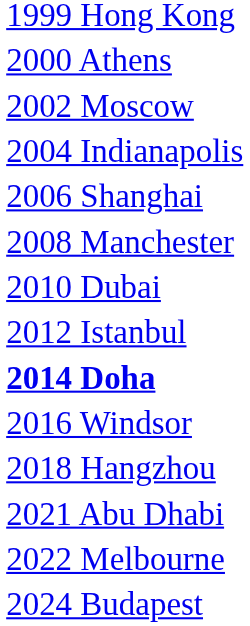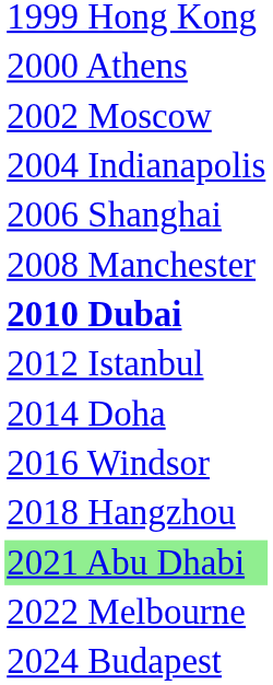 <table>
 <tr>
 <td><a href='#'>1999 Hong Kong</a></td>
 <td></td>
 <td></td>
 <td></td>
 </tr>
 <tr>
 <td><a href='#'>2000 Athens</a></td>
 <td></td>
 <td></td>
 <td></td>
 </tr>
 <tr>
 <td><a href='#'>2002 Moscow</a></td>
 <td></td>
 <td></td>
 <td></td>
 </tr>
 <tr>
 <td><a href='#'>2004 Indianapolis</a></td>
 <td></td>
 <td></td>
 <td></td>
 </tr>
 <tr>
 <td><a href='#'>2006 Shanghai</a></td>
 <td></td>
 <td></td>
 <td></td>
 </tr>
 <tr>
 <td><a href='#'>2008 Manchester</a></td>
 <td></td>
 <td></td>
 <td></td>
 </tr>
 <tr>
-<td><a href='#'>2010 Dubai</a></td>
+<td><strong><a href='#'>2010 Dubai</a></strong></td>
 <td></td>
 <td></td>
 <td></td>
 </tr>
 <tr>
 <td><a href='#'>2012 Istanbul</a></td>
 <td></td>
 <td></td>
 <td></td>
 </tr>
 <tr>
-<td><strong><a href='#'>2014 Doha</a></strong></td>
+<td><a href='#'>2014 Doha</a></td>
 <td></td>
 <td></td>
 <td></td>
 </tr>
 <tr>
 <td><a href='#'>2016 Windsor</a></td>
 <td></td>
 <td></td>
 <td></td>
 </tr>
 <tr>
 <td><a href='#'>2018 Hangzhou</a></td>
 <td></td>
 <td></td>
 <td></td>
 </tr>
 <tr>
-<td><a href='#'>2021 Abu Dhabi</a></td>
+<td style="background: lightgreen;"><a href='#'>2021 Abu Dhabi</a></td>
 <td></td>
 <td></td>
 <td></td>
 </tr>
 <tr>
 <td><a href='#'>2022 Melbourne</a></td>
 <td></td>
 <td></td>
 <td></td>
 </tr>
 <tr>
 <td><a href='#'>2024 Budapest</a></td>
 <td></td>
 <td></td>
 <td></td>
 </tr>
 </table>
